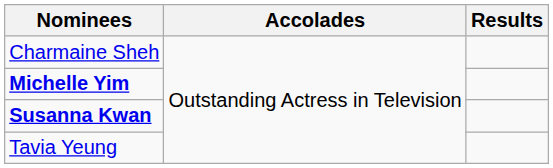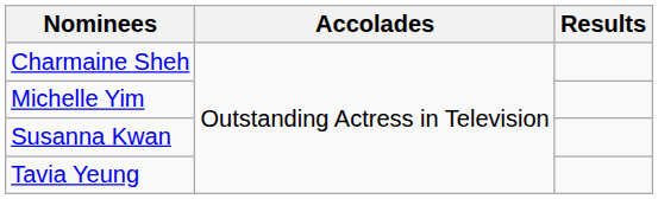 <table class="wikitable">
 <tr>
 <th>Nominees</th>
 <th>Accolades</th>
 <th>Results</th>
 </tr>
 <tr>
 <td><a href='#'>Charmaine Sheh</a></td>
 <td rowspan="4">Outstanding Actress in Television</td>
 <td></td>
 </tr>
 <tr>
-<td><strong><a href='#'>Michelle Yim</a></strong></td>
+<td><a href='#'>Michelle Yim</a></td>
 <td></td>
 </tr>
 <tr>
-<td><strong><a href='#'>Susanna Kwan</a></strong></td>
+<td><a href='#'>Susanna Kwan</a></td>
 <td></td>
 </tr>
 <tr>
 <td><a href='#'>Tavia Yeung</a></td>
 <td></td>
 </tr>
 </table>
